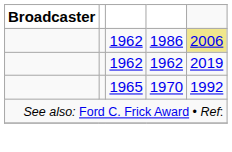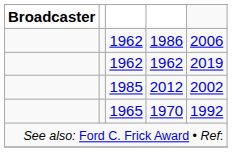 <table class="wikitable sortable plainrowheaders" style="font-size: 90%; text-align:center">
 <tr>
 <th scope="col" style="text-align:left; background-color:#ffffff; border-top:#">Broadcaster</th>
 <th scope="col" style="background-color:#ffffff; border-top:#"></th>
 <th scope="col" style="background-color:#ffffff; border-top:#"></th>
 <th scope="col" style="background-color:#ffffff; border-top:#"></th>
 </tr>
 <tr>
 <td style="text-align:left "><strong></strong></td>
 <td></td>
 <td><a href='#'>1962</a></td>
 <td><a href='#'>1986</a></td>
-<td style="background: khaki;"><a href='#'>2006</a></td>
+<td><a href='#'>2006</a></td>
 </tr>
 <tr>
 <td style="text-align:left"></td>
 <td></td>
 <td><a href='#'>1962</a></td>
 <td><a href='#'>1962</a></td>
 <td><a href='#'>2019</a></td>
+</tr>
+<tr>
+<td style="text-align:left"></td>
+<td></td>
+<td><a href='#'>1985</a></td>
+<td><a href='#'>2012</a></td>
+<td><a href='#'>2002</a></td>
 </tr>
 <tr>
 <td style="text-align:left"></td>
 <td></td>
 <td><a href='#'>1965</a></td>
 <td><a href='#'>1970</a></td>
 <td><a href='#'>1992</a></td>
 </tr>
 <tr class="sortbottom">
 <td style="text-align:right"; colspan="5"><small><em>See also:</em> <a href='#'>Ford C. Frick Award</a> • <em>Ref</em>:</small></td>
 </tr>
 <tr>
 </tr>
 </table>
